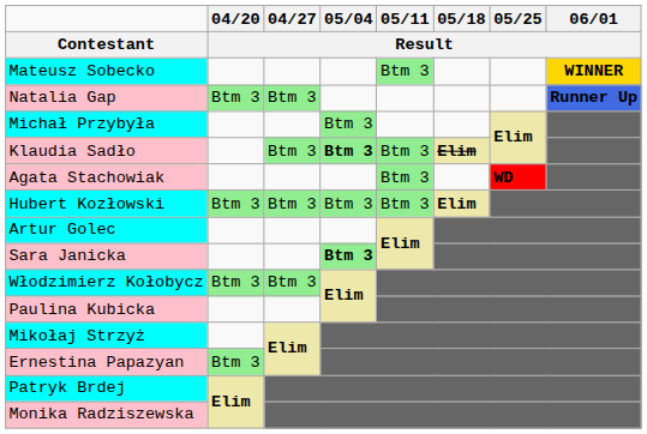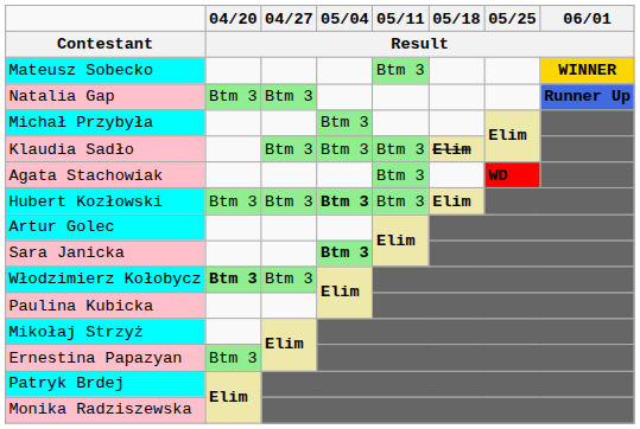 <table class="wikitable" style="margin:1em auto;">
 <tr>
 <td></td>
 <th>04/20</th>
 <th>04/27</th>
 <th>05/04</th>
 <th>05/11</th>
 <th>05/18</th>
 <th>05/25</th>
 <th>06/01</th>
 </tr>
 <tr>
 <th>Contestant</th>
 <th colspan="7" align="center">Result</th>
 </tr>
 <tr>
 <td style="background:cyan;">Mateusz Sobecko</td>
 <td></td>
 <td></td>
 <td></td>
 <td style="background:lightgreen;">Btm 3</td>
 <td></td>
 <td></td>
 <td bgcolor="gold" align="center"><strong>WINNER</strong></td>
 </tr>
 <tr>
 <td style="background:pink;">Natalia Gap</td>
 <td style="background:lightgreen;">Btm 3</td>
 <td style="background:lightgreen;">Btm 3</td>
 <td></td>
 <td></td>
 <td></td>
 <td></td>
 <td bgcolor="royalblue" align="center"><strong>Runner Up</strong></td>
 </tr>
 <tr>
 <td style="background:cyan;">Michał Przybyła</td>
 <td></td>
 <td></td>
 <td style="background:lightgreen;">Btm 3</td>
 <td></td>
 <td></td>
 <td rowspan="2" bgcolor="palegoldenrod"><strong>Elim</strong></td>
 <td colspan="7" style="background:#666;"></td>
 </tr>
 <tr>
 <td style="background:pink;">Klaudia Sadło</td>
 <td></td>
 <td style="background:lightgreen;">Btm 3</td>
-<td style="background:lightgreen;"><strong>Btm 3</strong></td>
+<td style="background:lightgreen;">Btm 3</td>
 <td style="background:lightgreen;">Btm 3</td>
 <td bgcolor="palegoldenrod"><strong><s>Elim</s></strong></td>
 <td colspan="6" bgcolor="666666"></td>
 </tr>
 <tr>
 <td style="background:pink;">Agata Stachowiak</td>
 <td></td>
 <td></td>
 <td></td>
 <td style="background:lightgreen;">Btm 3</td>
 <td></td>
 <td style="background:red;"><strong>WD</strong></td>
 <td colspan="4" bgcolor="666666"></td>
 </tr>
 <tr>
 <td style="background:cyan;">Hubert Kozłowski</td>
 <td style="background:lightgreen;">Btm 3</td>
 <td style="background:lightgreen;">Btm 3</td>
-<td style="background:lightgreen;">Btm 3</td>
+<td style="background:lightgreen;"><strong>Btm 3</strong></td>
 <td style="background:lightgreen;">Btm 3</td>
 <td rowspan="1" style="background:palegoldenrod;"><strong>Elim</strong></td>
 <td colspan="7" style="background:#666;"></td>
 </tr>
 <tr>
 <td style="background:cyan;">Artur Golec</td>
 <td></td>
 <td></td>
 <td></td>
 <td rowspan="2" style="background:palegoldenrod;"><strong>Elim</strong></td>
 <td colspan="7" style="background:#666;"></td>
 </tr>
 <tr>
 <td style="background:pink;">Sara Janicka</td>
 <td></td>
 <td></td>
 <td style="background:lightgreen;"><strong>Btm 3</strong></td>
 <td colspan="7" style="background:#666;"></td>
 </tr>
 <tr>
 <td style="background:cyan;">Włodzimierz Kołobycz</td>
-<td style="background:lightgreen;">Btm 3</td>
+<td style="background:lightgreen;"><strong>Btm 3</strong></td>
 <td style="background:lightgreen;">Btm 3</td>
 <td rowspan="2" style="background:palegoldenrod;"><strong>Elim</strong></td>
 <td colspan="7" style="background:#666;"></td>
 </tr>
 <tr>
 <td style="background:pink;">Paulina Kubicka</td>
 <td></td>
 <td></td>
 <td colspan="7" style="background:#666;"></td>
 </tr>
 <tr>
 <td style="background:cyan;">Mikołaj Strzyż</td>
 <td></td>
 <td rowspan="2" style="background:palegoldenrod;"><strong>Elim</strong></td>
 <td colspan="7" style="background:#666;"></td>
 </tr>
 <tr>
 <td style="background:pink;">Ernestina Papazyan</td>
 <td style="background:lightgreen;">Btm 3</td>
 <td colspan="7" style="background:#666;"></td>
 </tr>
 <tr>
 <td style="background:cyan;">Patryk Brdej</td>
 <td rowspan="2" style="background:palegoldenrod;"><strong>Elim</strong></td>
 <td colspan="7" style="background:#666;"></td>
 </tr>
 <tr>
 <td style="background:pink;">Monika Radziszewska</td>
 <td colspan="7" style="background:#666;"></td>
 </tr>
 </table>
